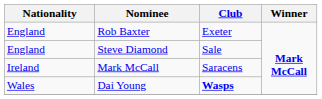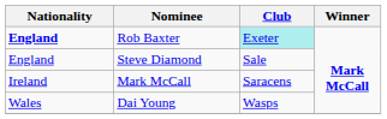 <table class="wikitable">
 <tr>
 <th width=120>Nationality</th>
 <th width=140>Nominee</th>
 <th width=80><a href='#'>Club</a></th>
 <th width=70>Winner</th>
 </tr>
 <tr>
-<td> <a href='#'>England</a></td>
+<td><strong> <a href='#'>England</a></strong></td>
 <td><a href='#'>Rob Baxter</a></td>
-<td><a href='#'>Exeter</a></td>
+<td style="background: paleturquoise;"><a href='#'>Exeter</a></td>
 <td rowspan=4 align=center><br><strong><a href='#'>Mark McCall</a></strong></td>
 </tr>
 <tr>
 <td> <a href='#'>England</a></td>
 <td><a href='#'>Steve Diamond</a></td>
 <td><a href='#'>Sale</a></td>
 </tr>
 <tr>
 <td> <a href='#'>Ireland</a></td>
 <td><a href='#'>Mark McCall</a></td>
 <td><a href='#'>Saracens</a></td>
 </tr>
 <tr>
 <td> <a href='#'>Wales</a></td>
 <td><a href='#'>Dai Young</a></td>
-<td><strong><a href='#'>Wasps</a></strong></td>
+<td><a href='#'>Wasps</a></td>
 </tr>
 <tr>
 </tr>
 </table>
